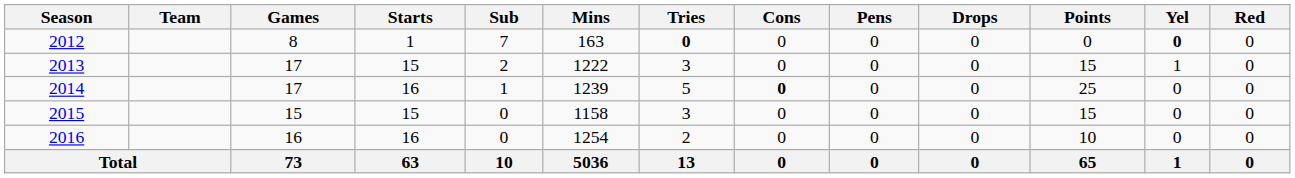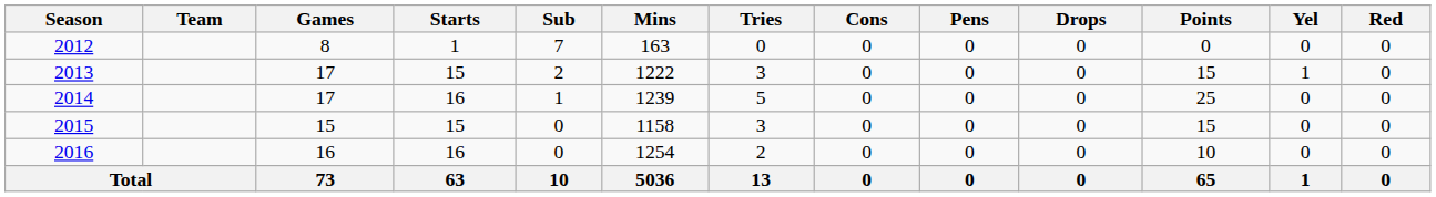 <table class="wikitable" style="text-align:center; line-height:90%; font-size:95%; width:70%;">
 <tr>
 <th>Season</th>
 <th>Team</th>
 <th>Games</th>
 <th>Starts</th>
 <th>Sub</th>
 <th>Mins</th>
 <th>Tries</th>
 <th>Cons</th>
 <th>Pens</th>
 <th>Drops</th>
 <th>Points</th>
 <th>Yel</th>
 <th>Red</th>
 </tr>
 <tr>
 <td><a href='#'>2012</a></td>
 <td></td>
 <td>8</td>
 <td>1</td>
 <td>7</td>
 <td>163</td>
-<td><strong>0</strong></td>
 <td>0</td>
 <td>0</td>
 <td>0</td>
 <td>0</td>
-<td><strong>0</strong></td>
+<td>0</td>
+<td>0</td>
 <td>0</td>
 </tr>
 <tr>
 <td><a href='#'>2013</a></td>
 <td></td>
 <td>17</td>
 <td>15</td>
 <td>2</td>
 <td>1222</td>
 <td>3</td>
 <td>0</td>
 <td>0</td>
 <td>0</td>
 <td>15</td>
 <td>1</td>
 <td>0</td>
 </tr>
 <tr>
 <td><a href='#'>2014</a></td>
 <td></td>
 <td>17</td>
 <td>16</td>
 <td>1</td>
 <td>1239</td>
 <td>5</td>
-<td><strong>0</strong></td>
+<td>0</td>
 <td>0</td>
 <td>0</td>
 <td>25</td>
 <td>0</td>
 <td>0</td>
 </tr>
 <tr>
 <td><a href='#'>2015</a></td>
 <td></td>
 <td>15</td>
 <td>15</td>
 <td>0</td>
 <td>1158</td>
 <td>3</td>
 <td>0</td>
 <td>0</td>
 <td>0</td>
 <td>15</td>
 <td>0</td>
 <td>0</td>
 </tr>
 <tr>
 <td><a href='#'>2016</a></td>
 <td></td>
 <td>16</td>
 <td>16</td>
 <td>0</td>
 <td>1254</td>
 <td>2</td>
 <td>0</td>
 <td>0</td>
 <td>0</td>
 <td>10</td>
 <td>0</td>
 <td>0</td>
 </tr>
 <tr>
 <th colspan="2">Total</th>
 <th>73</th>
 <th>63</th>
 <th>10</th>
 <th>5036</th>
 <th>13</th>
 <th>0</th>
 <th>0</th>
 <th>0</th>
 <th>65</th>
 <th>1</th>
 <th>0</th>
 </tr>
 </table>
